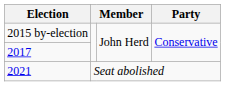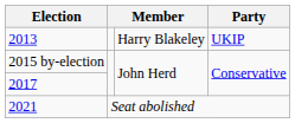 <table class="wikitable">
 <tr>
 <th>Election</th>
 <th colspan="2">Member</th>
 <th>Party</th>
+</tr>
+<tr>
+<td><a href='#'>2013</a></td>
+<td rowspan="1" style="background-color: "></td>
+<td rowspan="1">Harry Blakeley</td>
+<td rowspan="1"><a href='#'>UKIP</a></td>
 </tr>
 <tr>
 <td>2015 by-election</td>
 <td rowspan="2" style="background-color: "></td>
 <td rowspan="2">John Herd</td>
 <td rowspan="2"><a href='#'>Conservative</a></td>
 </tr>
 <tr>
 <td><a href='#'>2017</a></td>
 </tr>
 <tr>
 <td><a href='#'>2021</a></td>
 <td colspan="3"><em>Seat abolished</em></td>
 </tr>
 </table>
